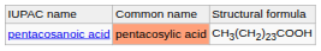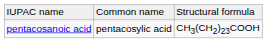 <table class="wikitable">
 <tr bgcolor="#efefef">
 <td>IUPAC name</td>
 <td>Common name</td>
 <td>Structural formula</td>
 </tr>
 <tr>
 <td><a href='#'>pentacosanoic acid</a></td>
-<td style="background: lightsalmon;">pentacosylic acid</td>
+<td>pentacosylic acid</td>
 <td>CH<sub>3</sub>(CH<sub>2</sub>)<sub>23</sub>COOH</td>
 </tr>
 </table>
